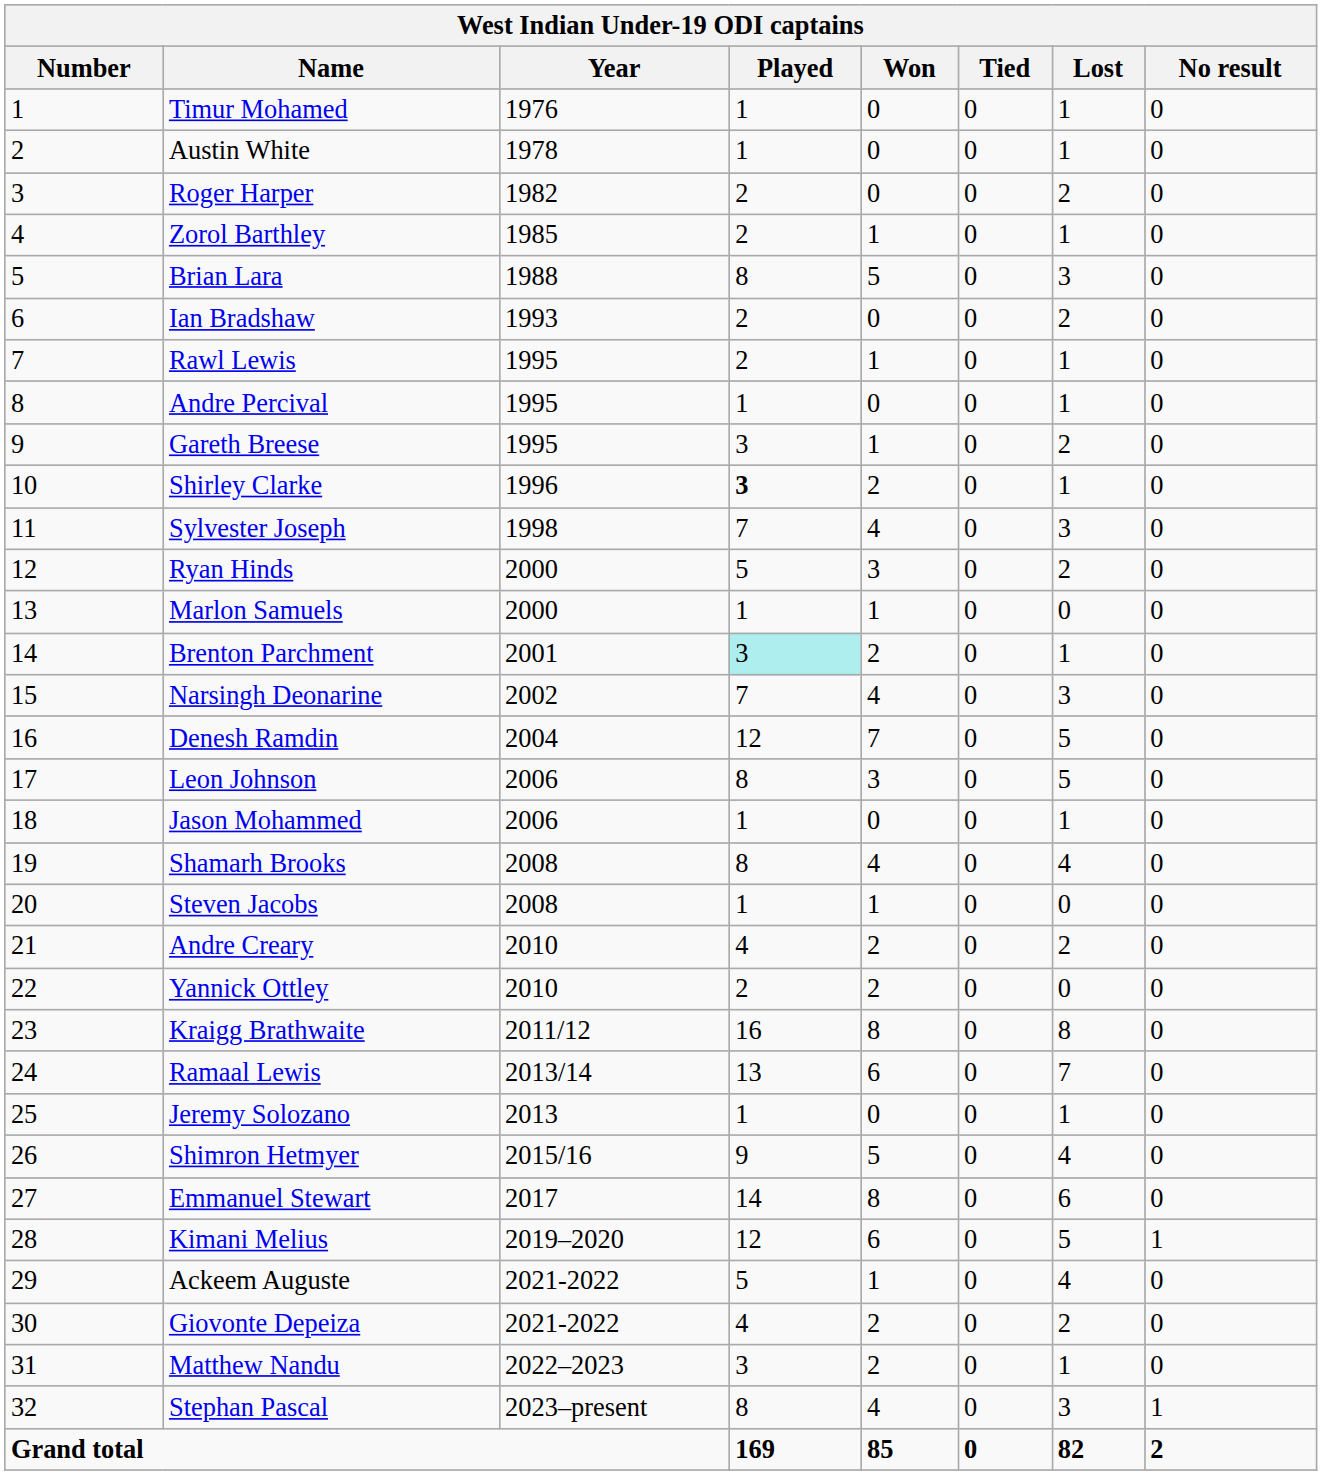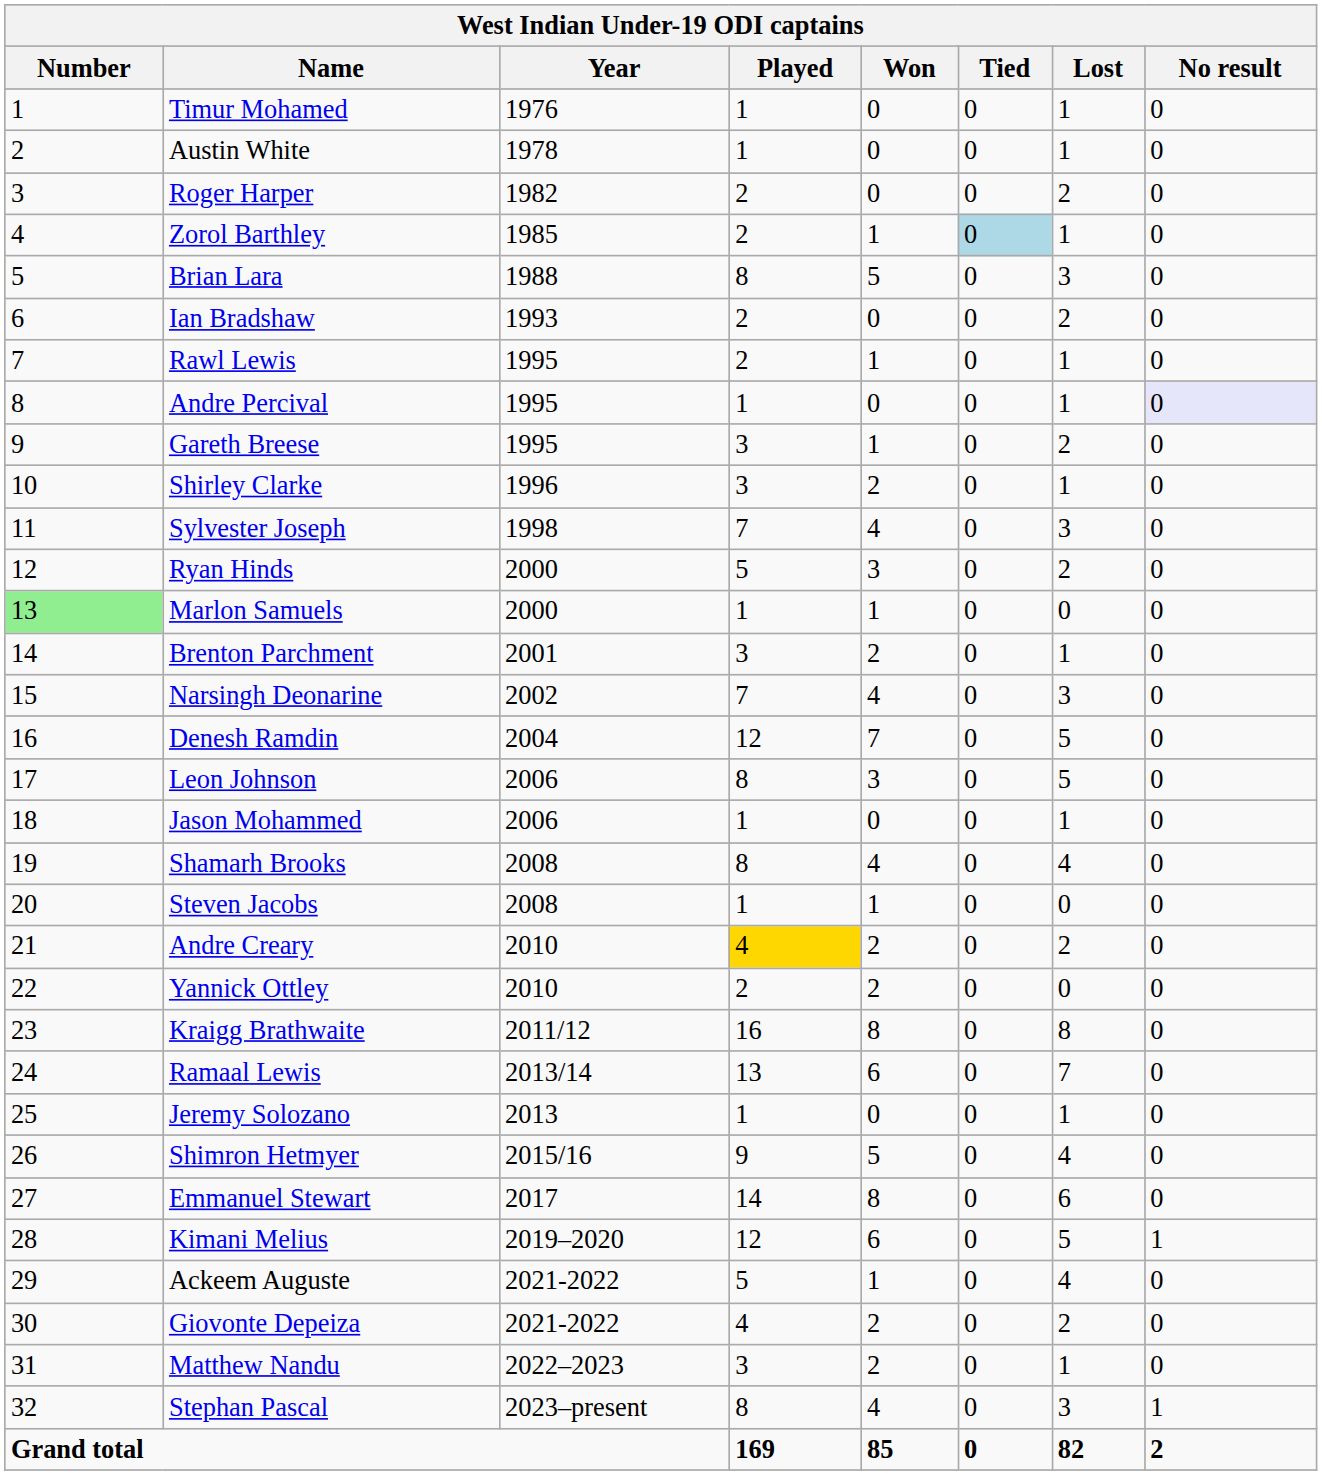 <table class="wikitable" width="90%">
 <tr>
 <th bgcolor="#efefef" colspan=8>West Indian Under-19 ODI captains</th>
 </tr>
 <tr bgcolor="#efefef">
 <th>Number</th>
 <th>Name</th>
 <th>Year</th>
 <th>Played</th>
 <th>Won</th>
 <th>Tied</th>
 <th>Lost</th>
 <th>No result</th>
 </tr>
 <tr>
 <td>1</td>
 <td><a href='#'>Timur Mohamed</a></td>
 <td>1976</td>
 <td>1</td>
 <td>0</td>
 <td>0</td>
 <td>1</td>
 <td>0</td>
 </tr>
 <tr>
 <td>2</td>
 <td>Austin White</td>
 <td>1978</td>
 <td>1</td>
 <td>0</td>
 <td>0</td>
 <td>1</td>
 <td>0</td>
 </tr>
 <tr>
 <td>3</td>
 <td><a href='#'>Roger Harper</a></td>
 <td>1982</td>
 <td>2</td>
 <td>0</td>
 <td>0</td>
 <td>2</td>
 <td>0</td>
 </tr>
 <tr>
 <td>4</td>
 <td><a href='#'>Zorol Barthley</a></td>
 <td>1985</td>
 <td>2</td>
 <td>1</td>
-<td>0</td>
+<td style="background: lightblue;">0</td>
 <td>1</td>
 <td>0</td>
 </tr>
 <tr>
 <td>5</td>
 <td><a href='#'>Brian Lara</a></td>
 <td>1988</td>
 <td>8</td>
 <td>5</td>
 <td>0</td>
 <td>3</td>
 <td>0</td>
 </tr>
 <tr>
 <td>6</td>
 <td><a href='#'>Ian Bradshaw</a></td>
 <td>1993</td>
 <td>2</td>
 <td>0</td>
 <td>0</td>
 <td>2</td>
 <td>0</td>
 </tr>
 <tr>
 <td>7</td>
 <td><a href='#'>Rawl Lewis</a></td>
 <td>1995</td>
 <td>2</td>
 <td>1</td>
 <td>0</td>
 <td>1</td>
 <td>0</td>
 </tr>
 <tr>
 <td>8</td>
 <td><a href='#'>Andre Percival</a></td>
 <td>1995</td>
 <td>1</td>
 <td>0</td>
 <td>0</td>
 <td>1</td>
-<td>0</td>
+<td style="background: lavender;">0</td>
 </tr>
 <tr>
 <td>9</td>
 <td><a href='#'>Gareth Breese</a></td>
 <td>1995</td>
 <td>3</td>
 <td>1</td>
 <td>0</td>
 <td>2</td>
 <td>0</td>
 </tr>
 <tr>
 <td>10</td>
 <td><a href='#'>Shirley Clarke</a></td>
 <td>1996</td>
-<td><strong>3</strong></td>
+<td>3</td>
 <td>2</td>
 <td>0</td>
 <td>1</td>
 <td>0</td>
 </tr>
 <tr>
 <td>11</td>
 <td><a href='#'>Sylvester Joseph</a></td>
 <td>1998</td>
 <td>7</td>
 <td>4</td>
 <td>0</td>
 <td>3</td>
 <td>0</td>
 </tr>
 <tr>
 <td>12</td>
 <td><a href='#'>Ryan Hinds</a></td>
 <td>2000</td>
 <td>5</td>
 <td>3</td>
 <td>0</td>
 <td>2</td>
 <td>0</td>
 </tr>
 <tr>
-<td>13</td>
+<td style="background: lightgreen;">13</td>
 <td><a href='#'>Marlon Samuels</a></td>
 <td>2000</td>
 <td>1</td>
 <td>1</td>
 <td>0</td>
 <td>0</td>
 <td>0</td>
 </tr>
 <tr>
 <td>14</td>
 <td><a href='#'>Brenton Parchment</a></td>
 <td>2001</td>
-<td style="background: paleturquoise;">3</td>
+<td>3</td>
 <td>2</td>
 <td>0</td>
 <td>1</td>
 <td>0</td>
 </tr>
 <tr>
 <td>15</td>
 <td><a href='#'>Narsingh Deonarine</a></td>
 <td>2002</td>
 <td>7</td>
 <td>4</td>
 <td>0</td>
 <td>3</td>
 <td>0</td>
 </tr>
 <tr>
 <td>16</td>
 <td><a href='#'>Denesh Ramdin</a></td>
 <td>2004</td>
 <td>12</td>
 <td>7</td>
 <td>0</td>
 <td>5</td>
 <td>0</td>
 </tr>
 <tr>
 <td>17</td>
 <td><a href='#'>Leon Johnson</a></td>
 <td>2006</td>
 <td>8</td>
 <td>3</td>
 <td>0</td>
 <td>5</td>
 <td>0</td>
 </tr>
 <tr>
 <td>18</td>
 <td><a href='#'>Jason Mohammed</a></td>
 <td>2006</td>
 <td>1</td>
 <td>0</td>
 <td>0</td>
 <td>1</td>
 <td>0</td>
 </tr>
 <tr>
 <td>19</td>
 <td><a href='#'>Shamarh Brooks</a></td>
 <td>2008</td>
 <td>8</td>
 <td>4</td>
 <td>0</td>
 <td>4</td>
 <td>0</td>
 </tr>
 <tr>
 <td>20</td>
 <td><a href='#'>Steven Jacobs</a></td>
 <td>2008</td>
 <td>1</td>
 <td>1</td>
 <td>0</td>
 <td>0</td>
 <td>0</td>
 </tr>
 <tr>
 <td>21</td>
 <td><a href='#'>Andre Creary</a></td>
 <td>2010</td>
-<td>4</td>
+<td style="background: gold;">4</td>
 <td>2</td>
 <td>0</td>
 <td>2</td>
 <td>0</td>
 </tr>
 <tr>
 <td>22</td>
 <td><a href='#'>Yannick Ottley</a></td>
 <td>2010</td>
 <td>2</td>
 <td>2</td>
 <td>0</td>
 <td>0</td>
 <td>0</td>
 </tr>
 <tr>
 <td>23</td>
 <td><a href='#'>Kraigg Brathwaite</a></td>
 <td>2011/12</td>
 <td>16</td>
 <td>8</td>
 <td>0</td>
 <td>8</td>
 <td>0</td>
 </tr>
 <tr>
 <td>24</td>
 <td><a href='#'>Ramaal Lewis</a></td>
 <td>2013/14</td>
 <td>13</td>
 <td>6</td>
 <td>0</td>
 <td>7</td>
 <td>0</td>
 </tr>
 <tr>
 <td>25</td>
 <td><a href='#'>Jeremy Solozano</a></td>
 <td>2013</td>
 <td>1</td>
 <td>0</td>
 <td>0</td>
 <td>1</td>
 <td>0</td>
 </tr>
 <tr>
 <td>26</td>
 <td><a href='#'>Shimron Hetmyer</a></td>
 <td>2015/16</td>
 <td>9</td>
 <td>5</td>
 <td>0</td>
 <td>4</td>
 <td>0</td>
 </tr>
 <tr>
 <td>27</td>
 <td><a href='#'>Emmanuel Stewart</a></td>
 <td>2017</td>
 <td>14</td>
 <td>8</td>
 <td>0</td>
 <td>6</td>
 <td>0</td>
 </tr>
 <tr>
 <td>28</td>
 <td><a href='#'>Kimani Melius</a></td>
 <td>2019–2020</td>
 <td>12</td>
 <td>6</td>
 <td>0</td>
 <td>5</td>
 <td>1</td>
 </tr>
 <tr>
 <td>29</td>
 <td>Ackeem Auguste</td>
 <td>2021-2022</td>
 <td>5</td>
 <td>1</td>
 <td>0</td>
 <td>4</td>
 <td>0</td>
 </tr>
 <tr>
 <td>30</td>
 <td><a href='#'>Giovonte Depeiza</a></td>
 <td>2021-2022</td>
 <td>4</td>
 <td>2</td>
 <td>0</td>
 <td>2</td>
 <td>0</td>
 </tr>
 <tr>
 <td>31</td>
 <td><a href='#'>Matthew Nandu</a></td>
 <td>2022–2023</td>
 <td>3</td>
 <td>2</td>
 <td>0</td>
 <td>1</td>
 <td>0</td>
 </tr>
 <tr>
 <td>32</td>
 <td><a href='#'>Stephan Pascal</a></td>
 <td>2023–present</td>
 <td>8</td>
 <td>4</td>
 <td>0</td>
 <td>3</td>
 <td>1</td>
 </tr>
 <tr>
 <td colspan=3><strong>Grand total</strong></td>
 <td><strong>169</strong></td>
 <td><strong>85</strong></td>
 <td><strong>0</strong></td>
 <td><strong>82</strong></td>
 <td><strong>2</strong></td>
 </tr>
 </table>
